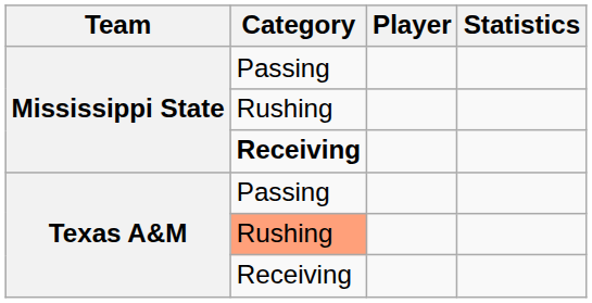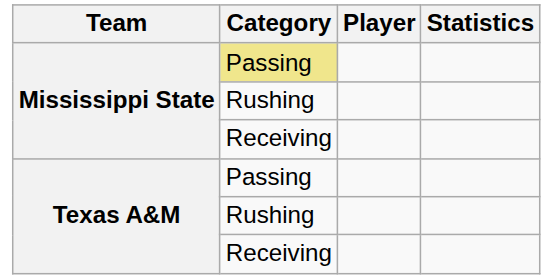 <table class="wikitable" style="float:right">
 <tr>
 <th>Team</th>
 <th>Category</th>
 <th>Player</th>
 <th>Statistics</th>
 </tr>
 <tr>
 <th rowspan=3>Mississippi State</th>
+<td style="background: khaki;">Passing</td>
+<td></td>
+<td></td>
+</tr>
+<tr>
+<td>Rushing</td>
+<td></td>
+<td></td>
+</tr>
+<tr>
+<td>Receiving</td>
+<td></td>
+<td></td>
+</tr>
+<tr>
+<th rowspan=3>Texas A&M</th>
 <td>Passing</td>
 <td></td>
 <td></td>
 </tr>
 <tr>
 <td>Rushing</td>
 <td></td>
 <td></td>
 </tr>
 <tr>
-<td><strong>Receiving</strong></td>
-<td></td>
-<td></td>
-</tr>
-<tr>
-<th rowspan=3>Texas A&M</th>
-<td>Passing</td>
-<td></td>
-<td></td>
-</tr>
-<tr>
-<td style="background: lightsalmon;">Rushing</td>
-<td></td>
-<td></td>
-</tr>
-<tr>
 <td>Receiving</td>
 <td></td>
 <td></td>
 </tr>
 </table>
